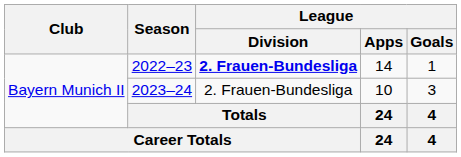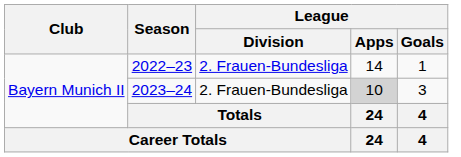 <table class="wikitable" Style="text-align: center">
 <tr>
 <th rowspan="2">Club</th>
 <th rowspan="2">Season</th>
 <th colspan="3">League</th>
 </tr>
 <tr>
 <th>Division</th>
 <th>Apps</th>
 <th>Goals</th>
 </tr>
 <tr>
 <td rowspan="3"><a href='#'>Bayern Munich II</a></td>
 <td><a href='#'>2022–23</a></td>
-<td><strong><a href='#'>2. Frauen-Bundesliga</a></strong></td>
+<td><a href='#'>2. Frauen-Bundesliga</a></td>
 <td>14</td>
 <td>1</td>
 </tr>
 <tr>
 <td><a href='#'>2023–24</a></td>
 <td>2. Frauen-Bundesliga</td>
-<td>10</td>
+<td style="background: lightgrey;">10</td>
 <td>3</td>
 </tr>
 <tr>
 <th colspan="2">Totals</th>
 <th>24</th>
 <th>4</th>
 </tr>
 <tr>
 <th colspan="3">Career Totals</th>
 <th>24</th>
 <th>4</th>
 </tr>
 </table>
